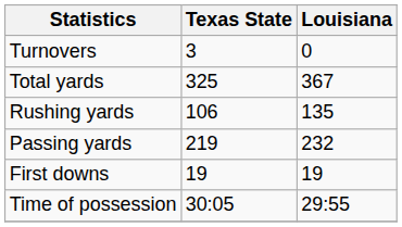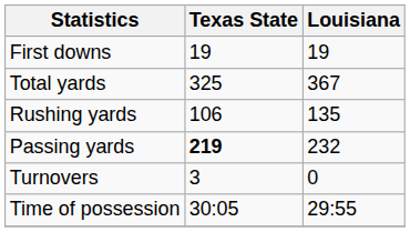 <table class="wikitable">
 <tr>
 <th>Statistics</th>
 <th>Texas State</th>
 <th>Louisiana</th>
 </tr>
 <tr>
-<td>Turnovers</td>
-<td>3</td>
-<td>0</td>
+<td>First downs</td>
+<td>19</td>
+<td>19</td>
 </tr>
 <tr>
 <td>Total yards</td>
 <td>325</td>
 <td>367</td>
 </tr>
 <tr>
 <td>Rushing yards</td>
 <td>106</td>
 <td>135</td>
 </tr>
 <tr>
 <td>Passing yards</td>
-<td>219</td>
+<td><strong>219</strong></td>
 <td>232</td>
 </tr>
 <tr>
-<td>First downs</td>
-<td>19</td>
-<td>19</td>
+<td>Turnovers</td>
+<td>3</td>
+<td>0</td>
 </tr>
 <tr>
 <td>Time of possession</td>
 <td>30:05</td>
 <td>29:55</td>
 </tr>
 <tr>
 </tr>
 </table>
